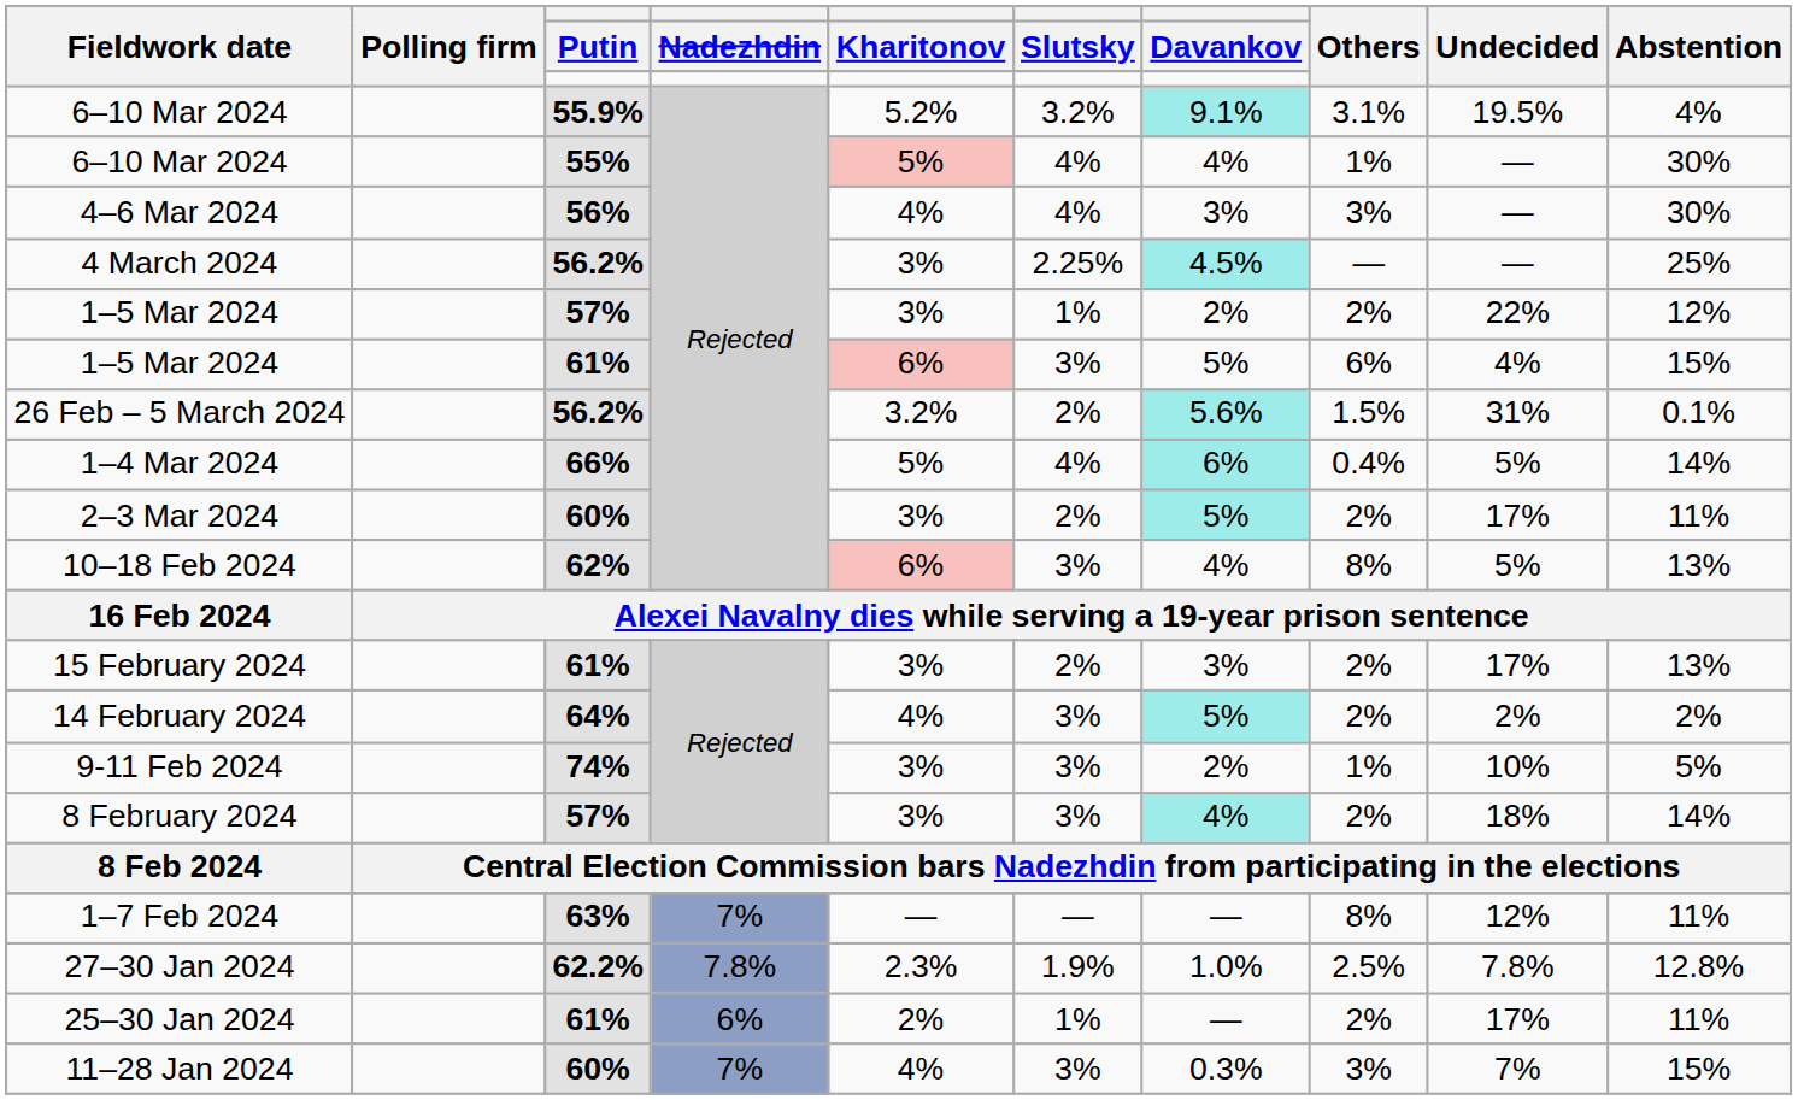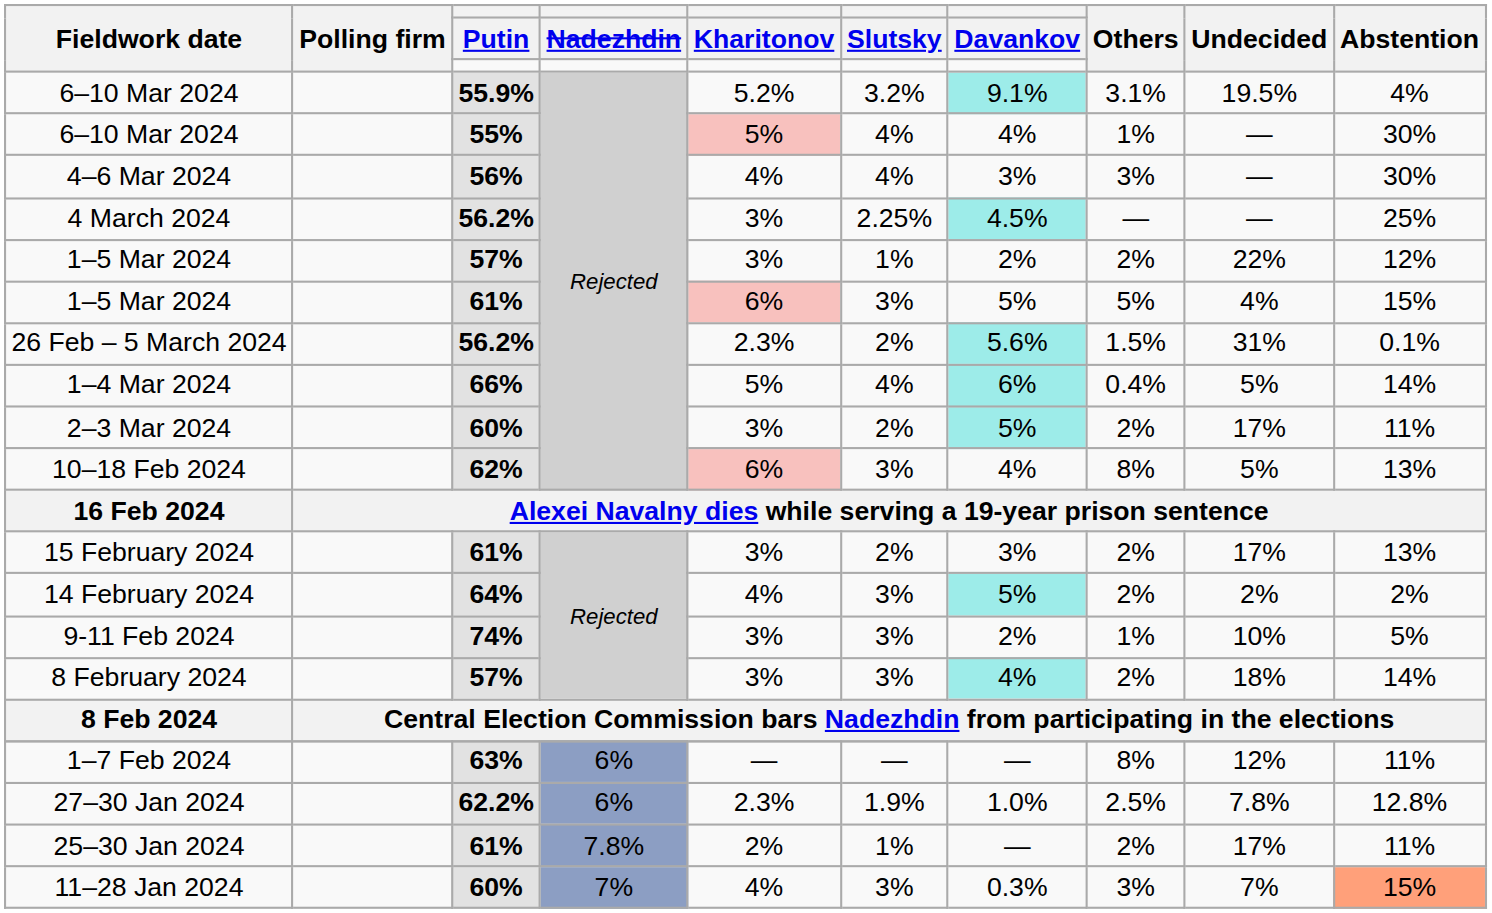 <table class="wikitable" style="text-align:center; font-size:80%; line-height:14px">
 <tr>
 <th rowspan="3">Fieldwork date</th>
 <th rowspan="3">Polling firm</th>
 <th></th>
 <th></th>
 <th></th>
 <th></th>
 <th></th>
 <th rowspan="3">Others</th>
 <th rowspan="3">Undecided</th>
 <th rowspan="3">Abstention</th>
 </tr>
 <tr>
 <th><a href='#'>Putin</a></th>
 <th><a href='#'><s>Nadezhdin</s></a></th>
 <th><a href='#'>Kharitonov</a></th>
 <th><a href='#'>Slutsky</a></th>
 <th><a href='#'>Davankov</a></th>
 </tr>
 <tr>
 <td></td>
 <td></td>
 <td></td>
 <td></td>
 <td></td>
 </tr>
 <tr>
 <td>6–10 Mar 2024</td>
 <td></td>
 <td style="background:#E2E2E2"><strong>55.9%</strong></td>
 <td rowspan="10" style="background:#D0D0D0; width:1px;"><small><em>Rejected</em></small></td>
 <td>5.2%</td>
 <td>3.2%</td>
 <td style="background:#9DECE9">9.1%</td>
 <td>3.1%</td>
 <td>19.5%</td>
 <td>4%</td>
 </tr>
 <tr>
 <td>6–10 Mar 2024</td>
 <td></td>
 <td style="background:#E2E2E2"><strong>55%</strong></td>
 <td style="background:#F8C1BE">5%</td>
 <td>4%</td>
 <td>4%</td>
 <td>1%</td>
 <td>—</td>
 <td>30%</td>
 </tr>
 <tr>
 <td>4–6 Mar 2024</td>
 <td></td>
 <td style="background:#E2E2E2"><strong>56%</strong></td>
 <td>4%</td>
 <td>4%</td>
 <td>3%</td>
 <td>3%</td>
 <td>—</td>
 <td>30%</td>
 </tr>
 <tr>
 <td>4 March 2024</td>
 <td></td>
 <td style="background:#E2E2E2"><strong>56.2%</strong></td>
 <td>3%</td>
 <td>2.25%</td>
 <td style="background:#9DECE9">4.5%</td>
 <td>—</td>
 <td>—</td>
 <td>25%</td>
 </tr>
 <tr>
 <td>1–5 Mar 2024</td>
 <td></td>
 <td style="background:#E2E2E2"><strong>57%</strong></td>
 <td>3%</td>
 <td>1%</td>
 <td>2%</td>
 <td>2%</td>
 <td>22%</td>
 <td>12%</td>
 </tr>
 <tr>
 <td>1–5 Mar 2024</td>
 <td></td>
 <td style="background:#E2E2E2"><strong>61%</strong></td>
 <td style="background:#F8C1BE">6%</td>
 <td>3%</td>
 <td>5%</td>
-<td>6%</td>
+<td>5%</td>
 <td>4%</td>
 <td>15%</td>
 </tr>
 <tr>
 <td>26 Feb – 5 March 2024</td>
 <td></td>
 <td style="background:#E2E2E2"><strong>56.2%</strong></td>
-<td>3.2%</td>
+<td>2.3%</td>
 <td>2%</td>
 <td style="background:#9DECE9">5.6%</td>
 <td>1.5%</td>
 <td>31%</td>
 <td>0.1%</td>
 </tr>
 <tr>
 <td>1–4 Mar 2024</td>
 <td></td>
 <td style="background:#E2E2E2"><strong>66%</strong></td>
 <td>5%</td>
 <td>4%</td>
 <td style="background:#9DECE9">6%</td>
 <td>0.4%</td>
 <td>5%</td>
 <td>14%</td>
 </tr>
 <tr>
 <td>2–3 Mar 2024</td>
 <td></td>
 <td style="background:#E2E2E2"><strong>60%</strong></td>
 <td>3%</td>
 <td>2%</td>
 <td style="background:#9DECE9">5%</td>
 <td>2%</td>
 <td>17%</td>
 <td>11%</td>
 </tr>
 <tr>
 <td>10–18 Feb 2024</td>
 <td></td>
 <td style="background:#E2E2E2"><strong>62%</strong></td>
 <td style="background:#F8C1BE">6%</td>
 <td>3%</td>
 <td>4%</td>
 <td>8%</td>
 <td>5%</td>
 <td>13%</td>
 </tr>
 <tr>
 <th>16 Feb 2024</th>
 <th colspan="10"><a href='#'>Alexei Navalny dies</a> while serving a 19-year prison sentence</th>
 </tr>
 <tr>
 <td>15 February 2024</td>
 <td></td>
 <td style="background:#E2E2E2"><strong>61%</strong></td>
 <td rowspan="4" style="background:#D0D0D0; width:1px;"><small><em>Rejected</em></small></td>
 <td>3%</td>
 <td>2%</td>
 <td>3%</td>
 <td>2%</td>
 <td>17%</td>
 <td>13%</td>
 </tr>
 <tr>
 <td>14 February 2024</td>
 <td></td>
 <td style="background:#E2E2E2"><strong>64%</strong></td>
 <td>4%</td>
 <td>3%</td>
 <td style="background:#9DECE9">5%</td>
 <td>2%</td>
 <td>2%</td>
 <td>2%</td>
 </tr>
 <tr>
 <td>9-11 Feb 2024</td>
 <td></td>
 <td style="background:#E2E2E2"><strong>74%</strong></td>
 <td>3%</td>
 <td>3%</td>
 <td>2%</td>
 <td>1%</td>
 <td>10%</td>
 <td>5%</td>
 </tr>
 <tr>
 <td>8 February 2024</td>
 <td></td>
 <td style="background:#E2E2E2"><strong>57%</strong></td>
 <td>3%</td>
 <td>3%</td>
 <td style="background:#9DECE9">4%</td>
 <td>2%</td>
 <td>18%</td>
 <td>14%</td>
 </tr>
 <tr>
 <th>8 Feb 2024</th>
 <th colspan="10">Central Election Commission bars <a href='#'>Nadezhdin</a> from participating in the elections</th>
 </tr>
 <tr>
 </tr>
 <tr>
 <td>1–7 Feb 2024</td>
 <td></td>
 <td style="background:#E2E2E2"><strong>63%</strong></td>
-<td style="background:#8C9EC3">7%</td>
+<td style="background:#8C9EC3">6%</td>
 <td>—</td>
 <td>—</td>
 <td>—</td>
 <td>8%</td>
 <td>12%</td>
 <td>11%</td>
 </tr>
 <tr>
 <td>27–30 Jan 2024</td>
 <td></td>
 <td style="background:#E2E2E2"><strong>62.2%</strong></td>
-<td style="background:#8C9EC3">7.8%</td>
+<td style="background:#8C9EC3">6%</td>
 <td>2.3%</td>
 <td>1.9%</td>
 <td>1.0%</td>
 <td>2.5%</td>
 <td>7.8%</td>
 <td>12.8%</td>
 </tr>
 <tr>
 <td>25–30 Jan 2024</td>
 <td></td>
 <td style="background:#E2E2E2"><strong>61%</strong></td>
-<td style="background:#8C9EC3">6%</td>
+<td style="background:#8C9EC3">7.8%</td>
 <td>2%</td>
 <td>1%</td>
 <td>—</td>
 <td>2%</td>
 <td>17%</td>
 <td>11%</td>
 </tr>
 <tr>
 <td>11–28 Jan 2024</td>
 <td></td>
 <td style="background:#E2E2E2"><strong>60%</strong></td>
 <td style="background:#8C9EC3">7%</td>
 <td>4%</td>
 <td>3%</td>
 <td>0.3%</td>
 <td>3%</td>
 <td>7%</td>
-<td>15%</td>
+<td style="background: lightsalmon;">15%</td>
 </tr>
 </table>
